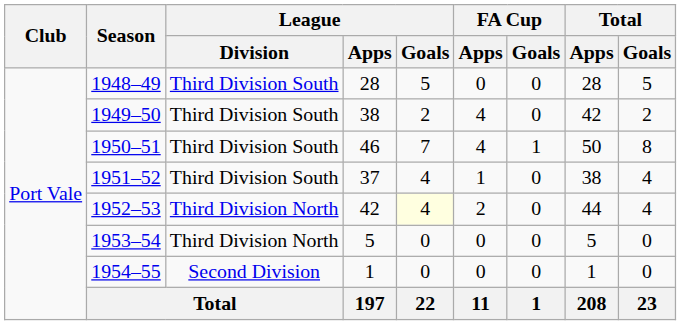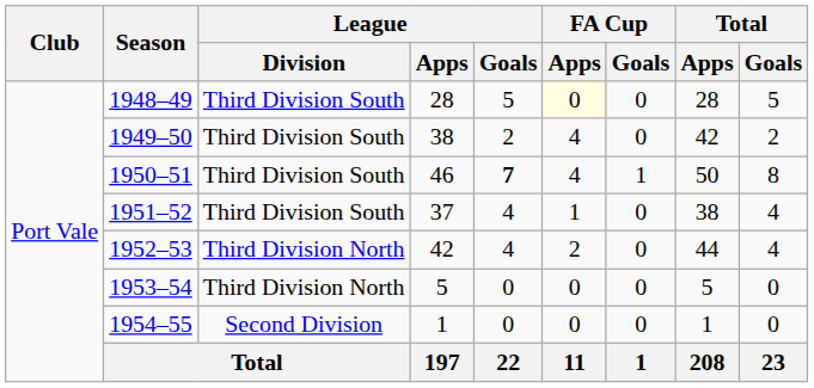 <table class="wikitable" style="text-align: center;">
 <tr>
 <th rowspan="2">Club</th>
 <th rowspan="2">Season</th>
 <th colspan="3">League</th>
 <th colspan="2">FA Cup</th>
 <th colspan="2">Total</th>
 </tr>
 <tr>
 <th>Division</th>
 <th>Apps</th>
 <th>Goals</th>
 <th>Apps</th>
 <th>Goals</th>
 <th>Apps</th>
 <th>Goals</th>
 </tr>
 <tr>
 <td rowspan="8"><a href='#'>Port Vale</a></td>
 <td><a href='#'>1948–49</a></td>
 <td><a href='#'>Third Division South</a></td>
 <td>28</td>
 <td>5</td>
-<td>0</td>
+<td style="background: lightyellow;">0</td>
 <td>0</td>
 <td>28</td>
 <td>5</td>
 </tr>
 <tr>
 <td><a href='#'>1949–50</a></td>
 <td>Third Division South</td>
 <td>38</td>
 <td>2</td>
 <td>4</td>
 <td>0</td>
 <td>42</td>
 <td>2</td>
 </tr>
 <tr>
 <td><a href='#'>1950–51</a></td>
 <td>Third Division South</td>
 <td>46</td>
-<td>7</td>
+<td><strong>7</strong></td>
 <td>4</td>
 <td>1</td>
 <td>50</td>
 <td>8</td>
 </tr>
 <tr>
 <td><a href='#'>1951–52</a></td>
 <td>Third Division South</td>
 <td>37</td>
 <td>4</td>
 <td>1</td>
 <td>0</td>
 <td>38</td>
 <td>4</td>
 </tr>
 <tr>
 <td><a href='#'>1952–53</a></td>
 <td><a href='#'>Third Division North</a></td>
 <td>42</td>
-<td style="background: lightyellow;">4</td>
+<td>4</td>
 <td>2</td>
 <td>0</td>
 <td>44</td>
 <td>4</td>
 </tr>
 <tr>
 <td><a href='#'>1953–54</a></td>
 <td>Third Division North</td>
 <td>5</td>
 <td>0</td>
 <td>0</td>
 <td>0</td>
 <td>5</td>
 <td>0</td>
 </tr>
 <tr>
 <td><a href='#'>1954–55</a></td>
 <td><a href='#'>Second Division</a></td>
 <td>1</td>
 <td>0</td>
 <td>0</td>
 <td>0</td>
 <td>1</td>
 <td>0</td>
 </tr>
 <tr>
 <th colspan="2">Total</th>
 <th>197</th>
 <th>22</th>
 <th>11</th>
 <th>1</th>
 <th>208</th>
 <th>23</th>
 </tr>
 </table>
